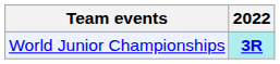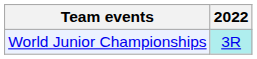 <table style='font-size: 90%; text-align:center;' class='wikitable'>
 <tr>
 <th>Team events</th>
 <th>2022</th>
 </tr>
 <tr>
 <td bgcolor="#ECF2FF"; align="left"><a href='#'>World Junior Championships</a></td>
-<td bgcolor=AFEEEE><strong><a href='#'>3R</a></strong></td>
+<td bgcolor=AFEEEE><a href='#'>3R</a></td>
 </tr>
 </table>
